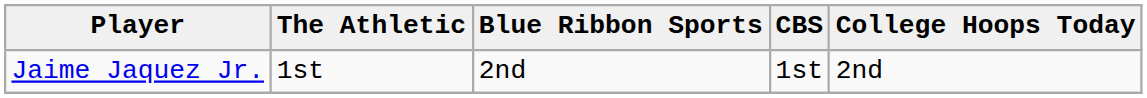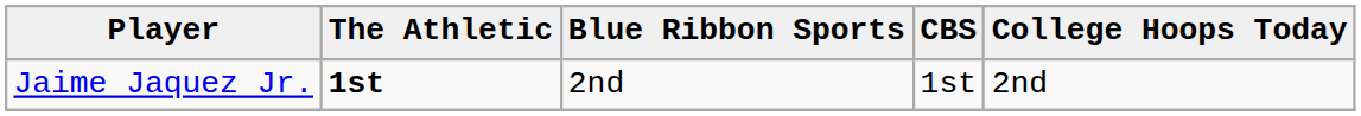 <table class="wikitable" style="white-space:nowrap; font-size:90%;">
 <tr>
 <td align="center" style="background:#f0f0f0;"><strong>Player</strong></td>
 <td align="center" style="background:#f0f0f0;"><strong>The Athletic</strong></td>
 <td align="center" style="background:#f0f0f0;"><strong>Blue Ribbon Sports</strong></td>
 <td align="center" style="background:#f0f0f0;"><strong>CBS</strong></td>
 <td align="center" style="background:#f0f0f0;"><strong>College Hoops Today</strong></td>
 </tr>
 <tr>
 <td><a href='#'>Jaime Jaquez Jr.</a></td>
-<td>1st</td>
+<td><strong>1st</strong></td>
 <td>2nd</td>
 <td>1st</td>
 <td>2nd</td>
 </tr>
 <tr>
 </tr>
 </table>
